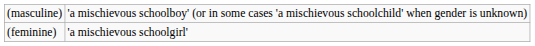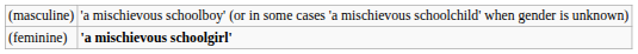 <table class="wikitable">
 <tr>
 <td> (masculine)</td>
 <td>'a mischievous schoolboy' (or in some cases 'a mischievous schoolchild' when gender is unknown)</td>
 </tr>
 <tr>
 <td> (feminine)</td>
-<td>'a mischievous schoolgirl'</td>
+<td><strong>'a mischievous schoolgirl'</strong></td>
 </tr>
 </table>
